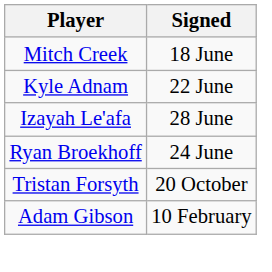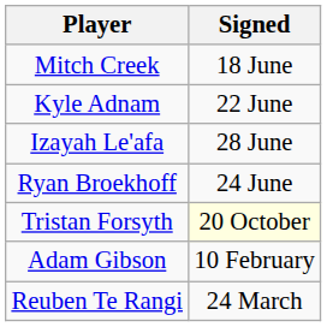 <table class="wikitable sortable sortable" style="text-align: center">
 <tr>
 <th>Player</th>
 <th>Signed</th>
 </tr>
 <tr>
 <td><a href='#'>Mitch Creek</a></td>
 <td>18 June</td>
 </tr>
 <tr>
 <td><a href='#'>Kyle Adnam</a></td>
 <td>22 June</td>
 </tr>
 <tr>
 <td><a href='#'>Izayah Le'afa</a></td>
 <td>28 June</td>
 </tr>
 <tr>
 <td><a href='#'>Ryan Broekhoff</a></td>
 <td>24 June</td>
 </tr>
 <tr>
 <td><a href='#'>Tristan Forsyth</a></td>
-<td>20 October</td>
+<td style="background: lightyellow;">20 October</td>
 </tr>
 <tr>
 <td><a href='#'>Adam Gibson</a></td>
 <td>10 February</td>
 </tr>
+<tr>
+<td><a href='#'>Reuben Te Rangi</a></td>
+<td>24 March</td>
+</tr>
 </table>
